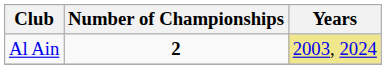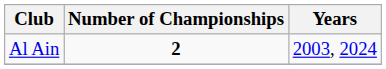 <table class="wikitable" style="text-align:center">
 <tr>
 <th>Club<br></th>
 <th>Number of Championships<br></th>
 <th>Years<br></th>
 </tr>
 <tr>
 <td style="text-align:left;"><a href='#'>Al Ain</a></td>
 <td><strong>2</strong></td>
-<td style="background: khaki;"><a href='#'>2003</a>, <a href='#'>2024</a></td>
+<td><a href='#'>2003</a>, <a href='#'>2024</a></td>
 </tr>
 <tr>
 </tr>
 </table>
